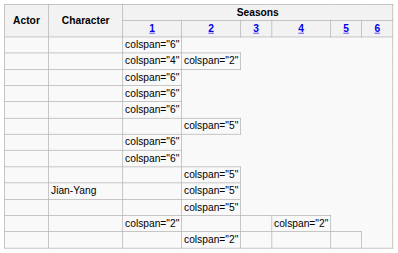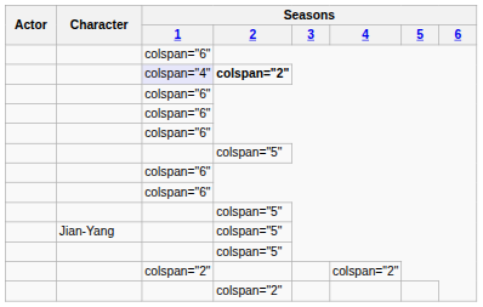 <table class="wikitable plainrowheaders">
 <tr>
 <th scope="col" rowspan="2">Actor</th>
 <th scope="col" rowspan="2">Character</th>
 <th scope="col" colspan="6">Seasons</th>
 </tr>
 <tr>
 <th scope="col" style="width:8%;"><a href='#'>1</a></th>
 <th scope="col" style="width:8%;"><a href='#'>2</a></th>
 <th scope="col" style="width:8%;"><a href='#'>3</a></th>
 <th scope="col" style="width:8%;"><a href='#'>4</a></th>
 <th scope="col" style="width:8%;"><a href='#'>5</a></th>
 <th scope="col" style="width:8%;"><a href='#'>6</a></th>
 </tr>
 <tr>
 <td scope="row"></td>
 <td></td>
 <td>colspan="6" </td>
 </tr>
 <tr>
 <td scope="row"></td>
 <td></td>
-<td>colspan="4" </td>
-<td>colspan="2" </td>
+<td style="background: lavender;">colspan="4" </td>
+<td><strong>colspan="2" </strong></td>
 </tr>
 <tr>
 <td scope="row"></td>
 <td></td>
 <td>colspan="6" </td>
 </tr>
 <tr>
 <td scope="row"></td>
 <td></td>
 <td>colspan="6" </td>
 </tr>
 <tr>
 <td scope="row"></td>
 <td></td>
 <td>colspan="6" </td>
 </tr>
 <tr>
 <td scope="row"></td>
 <td></td>
 <td></td>
 <td>colspan="5" </td>
 </tr>
 <tr>
 <td scope="row"></td>
 <td></td>
 <td>colspan="6" </td>
 </tr>
 <tr>
 <td scope="row"></td>
 <td></td>
 <td>colspan="6" </td>
 </tr>
 <tr>
 <td scope="row"></td>
 <td></td>
 <td></td>
 <td>colspan="5" </td>
 </tr>
 <tr>
 <td scope="row"></td>
 <td>Jian-Yang</td>
 <td></td>
 <td>colspan="5" </td>
 </tr>
 <tr>
 <td scope="row"></td>
 <td></td>
 <td></td>
 <td>colspan="5" </td>
 </tr>
 <tr>
 <td scope="row"></td>
 <td></td>
 <td>colspan="2" </td>
 <td></td>
 <td></td>
 <td>colspan="2" </td>
 </tr>
 <tr>
 <td scope="row"></td>
 <td></td>
 <td></td>
 <td>colspan="2" </td>
 <td></td>
 <td></td>
 <td></td>
 </tr>
 </table>
